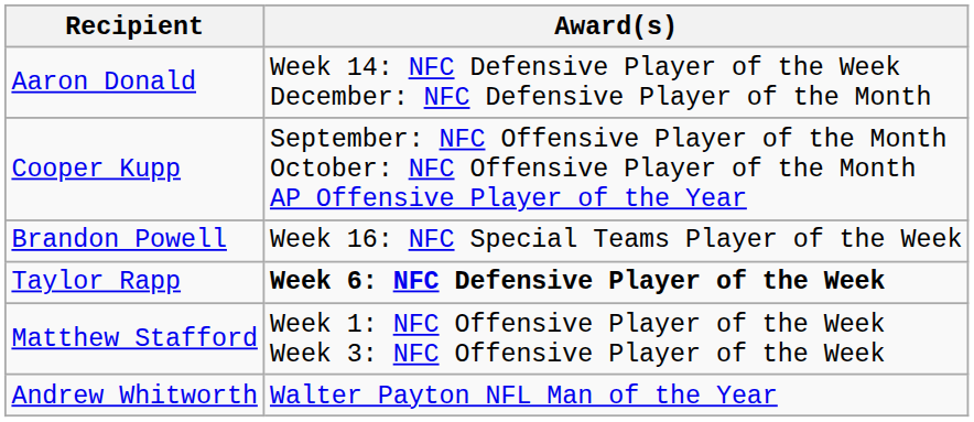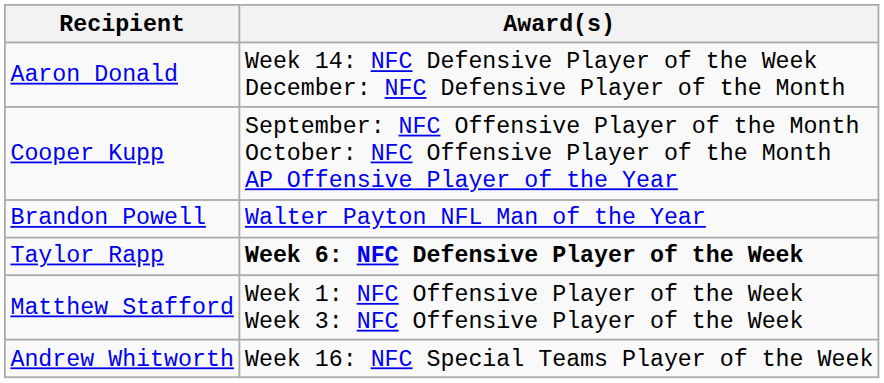 <table class="wikitable">
 <tr>
 <th>Recipient</th>
 <th>Award(s)</th>
 </tr>
 <tr>
 <td><a href='#'>Aaron Donald</a></td>
 <td>Week 14:  <a href='#'>NFC</a> Defensive Player of the Week <br> December: <a href='#'>NFC</a> Defensive Player of the Month</td>
 </tr>
 <tr>
 <td><a href='#'>Cooper Kupp</a></td>
 <td>September: <a href='#'>NFC</a> Offensive Player of the Month <br> October: <a href='#'>NFC</a> Offensive Player of the Month <br> <a href='#'>AP Offensive Player of the Year</a></td>
 </tr>
 <tr>
 <td><a href='#'>Brandon Powell</a></td>
-<td>Week 16: <a href='#'>NFC</a> Special Teams Player of the Week</td>
+<td><a href='#'>Walter Payton NFL Man of the Year</a></td>
 </tr>
 <tr>
 <td><a href='#'>Taylor Rapp</a></td>
 <td><strong>Week 6: <a href='#'>NFC</a> Defensive Player of the Week</strong></td>
 </tr>
 <tr>
 <td><a href='#'>Matthew Stafford</a></td>
 <td>Week 1: <a href='#'>NFC</a> Offensive Player of the Week <br> Week 3: <a href='#'>NFC</a> Offensive Player of the Week</td>
 </tr>
 <tr>
 <td><a href='#'>Andrew Whitworth</a></td>
-<td><a href='#'>Walter Payton NFL Man of the Year</a></td>
+<td>Week 16: <a href='#'>NFC</a> Special Teams Player of the Week</td>
 </tr>
 </table>
